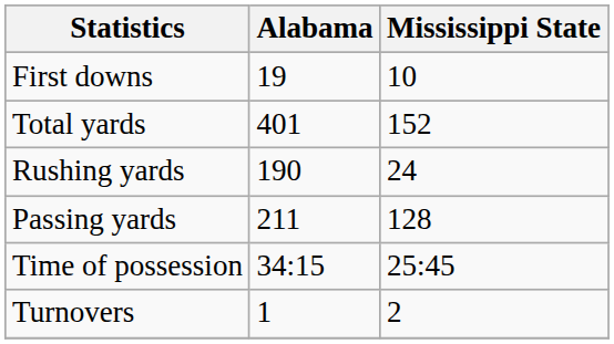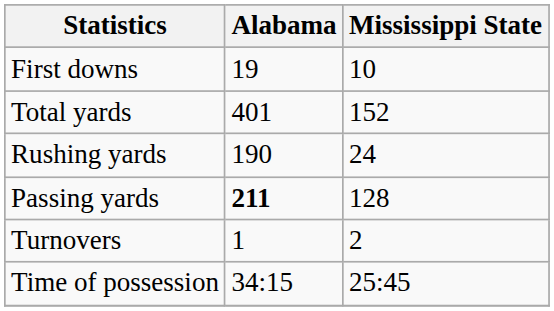 <table class="wikitable" style="float: left;">
 <tr>
 <th>Statistics</th>
 <th>Alabama</th>
 <th>Mississippi State</th>
 </tr>
 <tr>
 <td>First downs</td>
 <td>19</td>
 <td>10</td>
 </tr>
 <tr>
 <td>Total yards</td>
 <td>401</td>
 <td>152</td>
 </tr>
 <tr>
 <td>Rushing yards</td>
 <td>190</td>
 <td>24</td>
 </tr>
 <tr>
 <td>Passing yards</td>
-<td>211</td>
+<td><strong>211</strong></td>
 <td>128</td>
+</tr>
+<tr>
+<td>Turnovers</td>
+<td>1</td>
+<td>2</td>
 </tr>
 <tr>
 <td>Time of possession</td>
 <td>34:15</td>
 <td>25:45</td>
 </tr>
 <tr>
-<td>Turnovers</td>
-<td>1</td>
-<td>2</td>
-</tr>
-<tr>
 </tr>
 </table>
